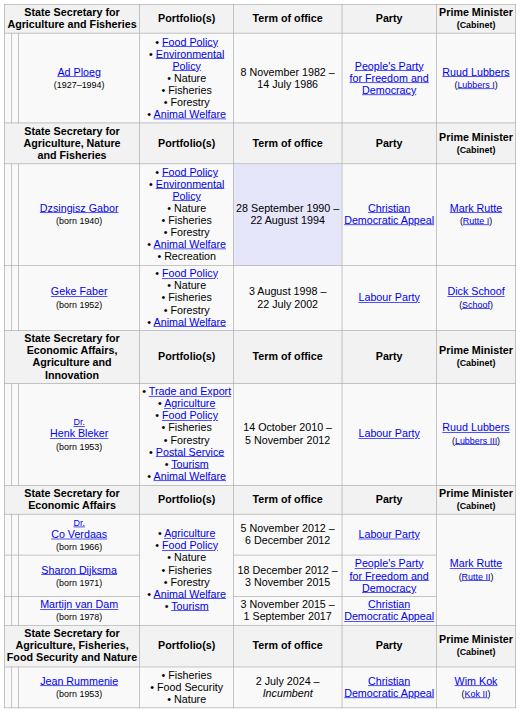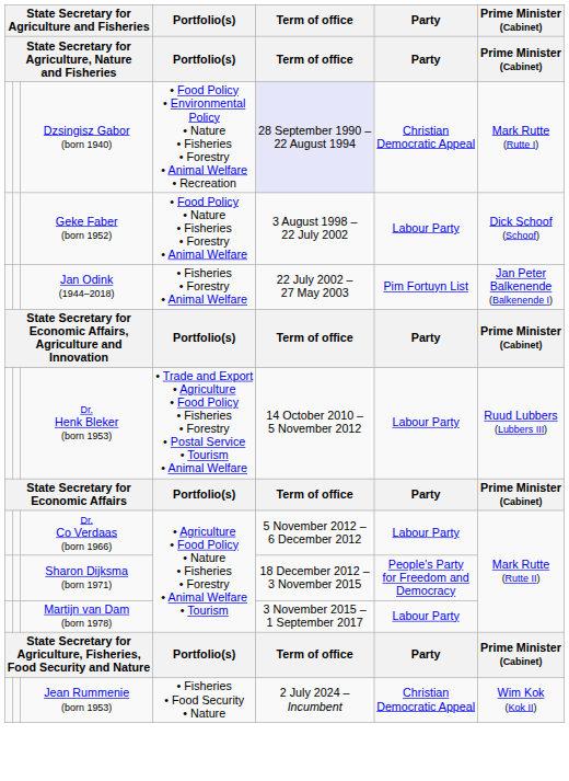 <table class="wikitable" style="text-align:center">
 <tr>
 <th colspan=3>State Secretary for <br> Agriculture and Fisheries</th>
 <th>Portfolio(s)</th>
 <th>Term of office</th>
 <th>Party</th>
 <th>Prime Minister <br> <small>(Cabinet)</small></th>
-</tr>
-<tr>
-<td style="background:"></td>
-<td></td>
-<td><a href='#'>Ad Ploeg</a> <br> <small>(1927–1994)</small></td>
-<td>• <a href='#'>Food Policy</a> <br> • <a href='#'>Environmental <br> Policy</a> <br> • Nature <br> • Fisheries <br> • Forestry <br> • <a href='#'>Animal Welfare</a></td>
-<td>8 November 1982 – <br> 14 July 1986</td>
-<td><a href='#'>People's Party <br> for Freedom and <br> Democracy</a></td>
-<td><a href='#'>Ruud Lubbers</a> <br> <small>(<a href='#'>Lubbers I</a>)</small> <br></td>
 </tr>
 <tr>
 <th colspan=3>State Secretary for <br> Agriculture, Nature <br> and Fisheries</th>
 <th>Portfolio(s)</th>
 <th>Term of office</th>
 <th>Party</th>
 <th>Prime Minister <br> <small>(Cabinet)</small></th>
 </tr>
 <tr>
 <td style="background:"></td>
 <td></td>
 <td><a href='#'>Dzsingisz Gabor</a> <br> <small>(born 1940)</small></td>
 <td>• <a href='#'>Food Policy</a> <br> • <a href='#'>Environmental <br> Policy</a> <br> • Nature <br> • Fisheries <br> • Forestry <br> • <a href='#'>Animal Welfare</a> <br> • Recreation</td>
 <td style="background: lavender;">28 September 1990 – <br> 22 August 1994</td>
 <td><a href='#'>Christian <br> Democratic Appeal</a></td>
 <td><a href='#'>Mark Rutte</a> <br> <small>(<a href='#'>Rutte I</a>)</small> <br></td>
 </tr>
 <tr>
 <td style="background:"></td>
 <td></td>
 <td><a href='#'>Geke Faber</a> <br> <small>(born 1952)</small></td>
 <td>• <a href='#'>Food Policy</a> <br> • Nature <br> • Fisheries <br> • Forestry <br> • <a href='#'>Animal Welfare</a></td>
 <td>3 August 1998 – <br> 22 July 2002</td>
 <td><a href='#'>Labour Party</a></td>
 <td><a href='#'>Dick Schoof</a> <br> <small>(<a href='#'>Schoof</a>)</small> <br></td>
+</tr>
+<tr>
+<td style="background:"></td>
+<td></td>
+<td><a href='#'>Jan Odink</a> <br> <small>(1944–2018)</small></td>
+<td>• Fisheries <br> • Forestry <br> • <a href='#'>Animal Welfare</a></td>
+<td>22 July 2002 – <br> 27 May 2003</td>
+<td><a href='#'>Pim Fortuyn List</a></td>
+<td><a href='#'>Jan Peter <br> Balkenende</a> <br> <small>(<a href='#'>Balkenende I</a>)</small> <br></td>
 </tr>
 <tr>
 <th colspan=3>State Secretary for <br> Economic Affairs, <br> Agriculture and <br> Innovation</th>
 <th>Portfolio(s)</th>
 <th>Term of office</th>
 <th>Party</th>
 <th>Prime Minister <br> <small>(Cabinet)</small></th>
 </tr>
 <tr>
 <td style="background:"></td>
 <td></td>
 <td><small><a href='#'>Dr.</a></small> <br> <a href='#'>Henk Bleker</a> <br> <small>(born 1953)</small></td>
 <td>• <a href='#'>Trade and Export</a> <br> • <a href='#'>Agriculture</a> <br> • <a href='#'>Food Policy</a> <br> • Fisheries <br> • Forestry <br> • <a href='#'>Postal Service</a> <br> • <a href='#'>Tourism</a> <br> • <a href='#'>Animal Welfare</a> <br> </td>
 <td>14 October 2010 – <br> 5 November 2012</td>
 <td><a href='#'>Labour Party</a></td>
 <td><a href='#'>Ruud Lubbers</a> <br> <small>(<a href='#'>Lubbers III</a>)</small> <br></td>
 </tr>
 <tr>
 <th colspan=3>State Secretary for <br> Economic Affairs</th>
 <th>Portfolio(s)</th>
 <th>Term of office</th>
 <th>Party</th>
 <th>Prime Minister <br> <small>(Cabinet)</small></th>
 </tr>
 <tr>
 <td style="background:"></td>
 <td></td>
 <td><small><a href='#'>Dr.</a></small> <br> <a href='#'>Co Verdaas</a> <br> <small>(born 1966)</small></td>
 <td rowspan=3>• <a href='#'>Agriculture</a> <br> • <a href='#'>Food Policy</a> <br> • Nature <br> • Fisheries <br> • Forestry <br> • <a href='#'>Animal Welfare</a> <br> • <a href='#'>Tourism</a> <br> </td>
 <td>5 November 2012 – <br> 6 December 2012 <br> </td>
 <td><a href='#'>Labour Party</a></td>
 <td rowspan=3><a href='#'>Mark Rutte</a> <br> <small>(<a href='#'>Rutte II</a>)</small> <br></td>
 </tr>
 <tr>
 <td style="background:"></td>
 <td></td>
 <td><a href='#'>Sharon Dijksma</a> <br> <small>(born 1971)</small></td>
 <td>18 December 2012 – <br> 3 November 2015 <br> </td>
 <td><a href='#'>People's Party <br> for Freedom and <br> Democracy</a></td>
 </tr>
 <tr>
 <td style="background:"></td>
 <td></td>
 <td><a href='#'>Martijn van Dam</a> <br> <small>(born 1978)</small></td>
 <td>3 November 2015 – <br> 1 September 2017 <br> </td>
-<td><a href='#'>Christian <br> Democratic Appeal</a></td>
+<td><a href='#'>Labour Party</a></td>
 </tr>
 <tr>
 <th colspan=3>State Secretary for <br> Agriculture, Fisheries, <br> Food Security and Nature</th>
 <th>Portfolio(s)</th>
 <th>Term of office</th>
 <th>Party</th>
 <th>Prime Minister <br> <small>(Cabinet)</small></th>
 </tr>
 <tr>
 <td style="background:"></td>
 <td></td>
 <td><a href='#'>Jean Rummenie</a> <br> <small>(born 1953)</small></td>
 <td>• Fisheries <br> • Food Security <br> • Nature</td>
 <td>2 July 2024 – <br> <em>Incumbent</em></td>
 <td><a href='#'>Christian <br> Democratic Appeal</a></td>
 <td><a href='#'>Wim Kok</a> <br> <small>(<a href='#'>Kok II</a>)</small> <br></td>
 </tr>
 </table>
